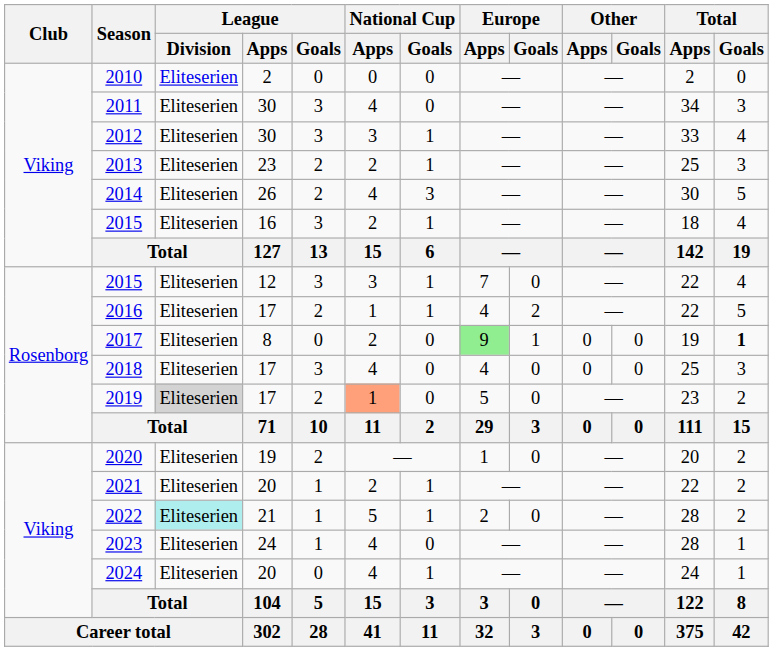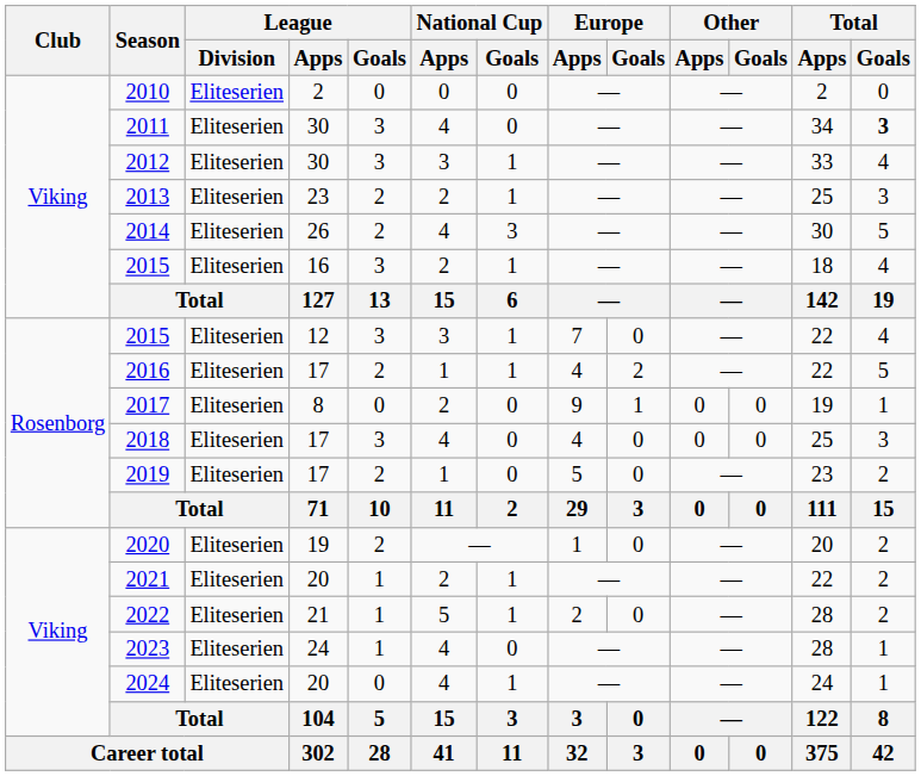 <table class="wikitable" style="text-align: center;">
 <tr>
 <th rowspan="2">Club</th>
 <th rowspan="2">Season</th>
 <th colspan="3">League</th>
 <th colspan="2">National Cup</th>
 <th colspan="2">Europe</th>
 <th colspan="2">Other</th>
 <th colspan="2">Total</th>
 </tr>
 <tr>
 <th>Division</th>
 <th>Apps</th>
 <th>Goals</th>
 <th>Apps</th>
 <th>Goals</th>
 <th>Apps</th>
 <th>Goals</th>
 <th>Apps</th>
 <th>Goals</th>
 <th>Apps</th>
 <th>Goals</th>
 </tr>
 <tr>
 <td rowspan="7"><a href='#'>Viking</a></td>
 <td><a href='#'>2010</a></td>
 <td><a href='#'>Eliteserien</a></td>
 <td>2</td>
 <td>0</td>
 <td>0</td>
 <td>0</td>
 <td colspan="2">—</td>
 <td colspan="2">—</td>
 <td>2</td>
 <td>0</td>
 </tr>
 <tr>
 <td><a href='#'>2011</a></td>
 <td>Eliteserien</td>
 <td>30</td>
 <td>3</td>
 <td>4</td>
 <td>0</td>
 <td colspan="2">—</td>
 <td colspan="2">—</td>
 <td>34</td>
-<td>3</td>
+<td><strong>3</strong></td>
 </tr>
 <tr>
 <td><a href='#'>2012</a></td>
 <td>Eliteserien</td>
 <td>30</td>
 <td>3</td>
 <td>3</td>
 <td>1</td>
 <td colspan="2">—</td>
 <td colspan="2">—</td>
 <td>33</td>
 <td>4</td>
 </tr>
 <tr>
 <td><a href='#'>2013</a></td>
 <td>Eliteserien</td>
 <td>23</td>
 <td>2</td>
 <td>2</td>
 <td>1</td>
 <td colspan="2">—</td>
 <td colspan="2">—</td>
 <td>25</td>
 <td>3</td>
 </tr>
 <tr>
 <td><a href='#'>2014</a></td>
 <td>Eliteserien</td>
 <td>26</td>
 <td>2</td>
 <td>4</td>
 <td>3</td>
 <td colspan="2">—</td>
 <td colspan="2">—</td>
 <td>30</td>
 <td>5</td>
 </tr>
 <tr>
 <td><a href='#'>2015</a></td>
 <td>Eliteserien</td>
 <td>16</td>
 <td>3</td>
 <td>2</td>
 <td>1</td>
 <td colspan="2">—</td>
 <td colspan="2">—</td>
 <td>18</td>
 <td>4</td>
 </tr>
 <tr>
 <th colspan="2">Total</th>
 <th>127</th>
 <th>13</th>
 <th>15</th>
 <th>6</th>
 <th colspan="2">—</th>
 <th colspan="2">—</th>
 <th>142</th>
 <th>19</th>
 </tr>
 <tr>
 <td rowspan="6"><a href='#'>Rosenborg</a></td>
 <td><a href='#'>2015</a></td>
 <td>Eliteserien</td>
 <td>12</td>
 <td>3</td>
 <td>3</td>
 <td>1</td>
 <td>7</td>
 <td>0</td>
 <td colspan="2">—</td>
 <td>22</td>
 <td>4</td>
 </tr>
 <tr>
 <td><a href='#'>2016</a></td>
 <td>Eliteserien</td>
 <td>17</td>
 <td>2</td>
 <td>1</td>
 <td>1</td>
 <td>4</td>
 <td>2</td>
 <td colspan="2">—</td>
 <td>22</td>
 <td>5</td>
 </tr>
 <tr>
 <td><a href='#'>2017</a></td>
 <td>Eliteserien</td>
 <td>8</td>
 <td>0</td>
 <td>2</td>
 <td>0</td>
-<td style="background: lightgreen;">9</td>
+<td>9</td>
 <td>1</td>
 <td>0</td>
 <td>0</td>
 <td>19</td>
-<td><strong>1</strong></td>
+<td>1</td>
 </tr>
 <tr>
 <td><a href='#'>2018</a></td>
 <td>Eliteserien</td>
 <td>17</td>
 <td>3</td>
 <td>4</td>
 <td>0</td>
 <td>4</td>
 <td>0</td>
 <td>0</td>
 <td>0</td>
 <td>25</td>
 <td>3</td>
 </tr>
 <tr>
 <td><a href='#'>2019</a></td>
-<td style="background: lightgrey;">Eliteserien</td>
+<td>Eliteserien</td>
 <td>17</td>
 <td>2</td>
-<td style="background: lightsalmon;">1</td>
+<td>1</td>
 <td>0</td>
 <td>5</td>
 <td>0</td>
 <td colspan="2">—</td>
 <td>23</td>
 <td>2</td>
 </tr>
 <tr>
 <th colspan="2">Total</th>
 <th>71</th>
 <th>10</th>
 <th>11</th>
 <th>2</th>
 <th>29</th>
 <th>3</th>
 <th>0</th>
 <th>0</th>
 <th>111</th>
 <th>15</th>
 </tr>
 <tr>
 <td rowspan="6"><a href='#'>Viking</a></td>
 <td><a href='#'>2020</a></td>
 <td>Eliteserien</td>
 <td>19</td>
 <td>2</td>
 <td colspan="2">—</td>
 <td>1</td>
 <td>0</td>
 <td colspan="2">—</td>
 <td>20</td>
 <td>2</td>
 </tr>
 <tr>
 <td><a href='#'>2021</a></td>
 <td>Eliteserien</td>
 <td>20</td>
 <td>1</td>
 <td>2</td>
 <td>1</td>
 <td colspan="2">—</td>
 <td colspan="2">—</td>
 <td>22</td>
 <td>2</td>
 </tr>
 <tr>
 <td><a href='#'>2022</a></td>
-<td style="background: paleturquoise;">Eliteserien</td>
+<td>Eliteserien</td>
 <td>21</td>
 <td>1</td>
 <td>5</td>
 <td>1</td>
 <td>2</td>
 <td>0</td>
 <td colspan="2">—</td>
 <td>28</td>
 <td>2</td>
 </tr>
 <tr>
 <td><a href='#'>2023</a></td>
 <td>Eliteserien</td>
 <td>24</td>
 <td>1</td>
 <td>4</td>
 <td>0</td>
 <td colspan="2">—</td>
 <td colspan="2">—</td>
 <td>28</td>
 <td>1</td>
 </tr>
 <tr>
 <td><a href='#'>2024</a></td>
 <td>Eliteserien</td>
 <td>20</td>
 <td>0</td>
 <td>4</td>
 <td>1</td>
 <td colspan="2">—</td>
 <td colspan="2">—</td>
 <td>24</td>
 <td>1</td>
 </tr>
 <tr>
 <th colspan="2">Total</th>
 <th>104</th>
 <th>5</th>
 <th>15</th>
 <th>3</th>
 <th>3</th>
 <th>0</th>
 <th colspan="2">—</th>
 <th>122</th>
 <th>8</th>
 </tr>
 <tr>
 <th colspan="3">Career total</th>
 <th>302</th>
 <th>28</th>
 <th>41</th>
 <th>11</th>
 <th>32</th>
 <th>3</th>
 <th>0</th>
 <th>0</th>
 <th>375</th>
 <th>42</th>
 </tr>
 </table>
